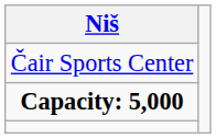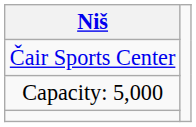 <table class="wikitable" style="text-align:center">
 <tr>
 <th><a href='#'>Niš</a></th>
 <td rowspan=4></td>
 </tr>
 <tr>
 <td><a href='#'>Čair Sports Center</a></td>
 </tr>
 <tr>
-<td><strong>Capacity: 5,000</strong></td>
+<td>Capacity: 5,000</td>
 </tr>
 <tr>
 <td></td>
 </tr>
 </table>
